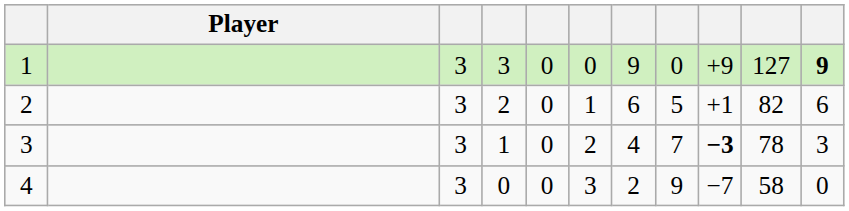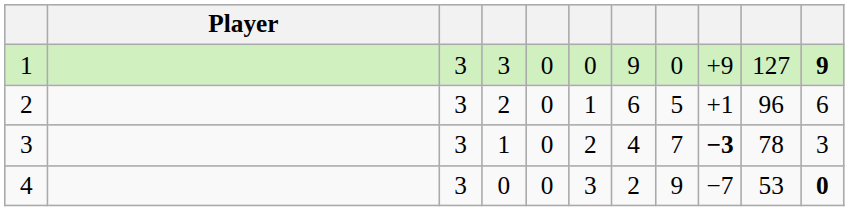 <table class="wikitable" style="text-align:center; margin: 1em auto 1em auto, align:left">
 <tr>
 <th width=20></th>
 <th width=240>Player</th>
 <th width=20></th>
 <th width=20></th>
 <th width=20></th>
 <th width=20></th>
 <th width=20></th>
 <th width=20></th>
 <th width=20></th>
 <th width=30></th>
 <th width=20></th>
 </tr>
 <tr style="background:#D0F0C0;">
 <td>1</td>
 <td align=left></td>
 <td>3</td>
 <td>3</td>
 <td>0</td>
 <td>0</td>
 <td>9</td>
 <td>0</td>
 <td>+9</td>
 <td>127</td>
 <td><strong>9</strong></td>
 </tr>
 <tr style=>
 <td>2</td>
 <td align=left></td>
 <td>3</td>
 <td>2</td>
 <td>0</td>
 <td>1</td>
 <td>6</td>
 <td>5</td>
 <td>+1</td>
-<td>82</td>
+<td>96</td>
 <td>6</td>
 </tr>
 <tr style=>
 <td>3</td>
 <td align=left></td>
 <td>3</td>
 <td>1</td>
 <td>0</td>
 <td>2</td>
 <td>4</td>
 <td>7</td>
 <td><strong>−3</strong></td>
 <td>78</td>
 <td>3</td>
 </tr>
 <tr style=>
 <td>4</td>
 <td align=left></td>
 <td>3</td>
 <td>0</td>
 <td>0</td>
 <td>3</td>
 <td>2</td>
 <td>9</td>
 <td>−7</td>
-<td>58</td>
-<td>0</td>
+<td>53</td>
+<td><strong>0</strong></td>
 </tr>
 </table>
